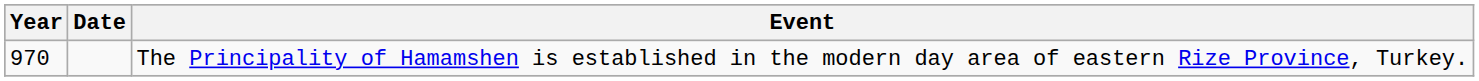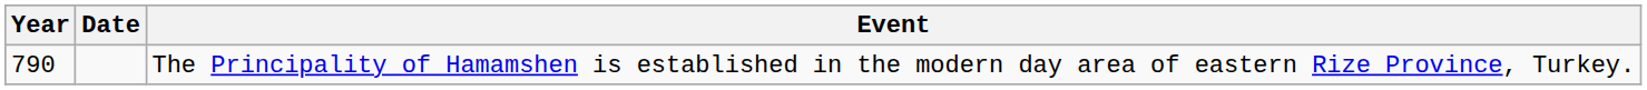 <table class="wikitable">
 <tr>
 <th>Year</th>
 <th>Date</th>
 <th>Event</th>
 </tr>
 <tr>
-<td>970</td>
+<td>790</td>
 <td></td>
 <td>The <a href='#'>Principality of Hamamshen</a> is established in the modern day area of eastern <a href='#'>Rize Province</a>, Turkey.</td>
 </tr>
 </table>
